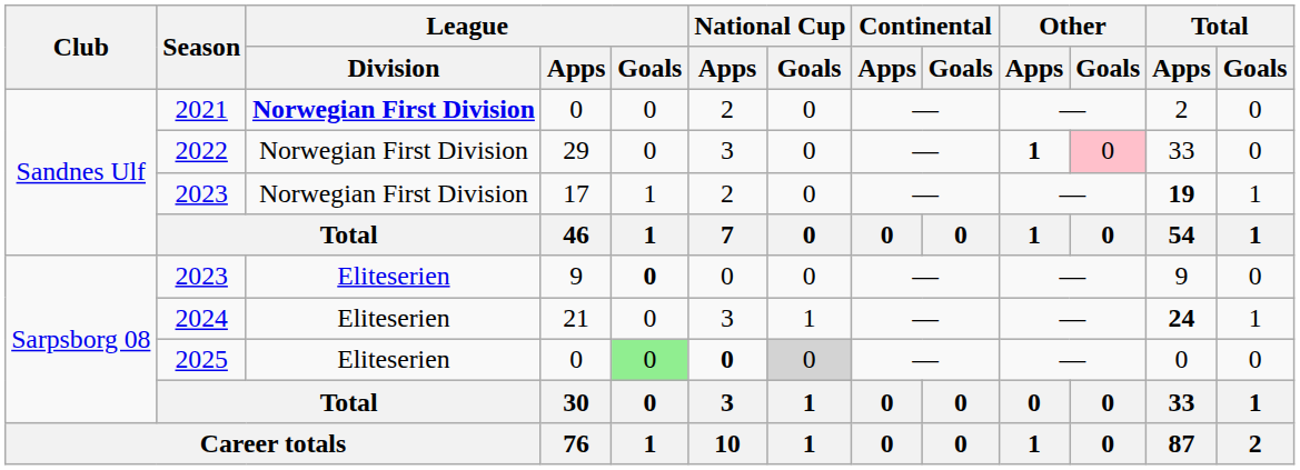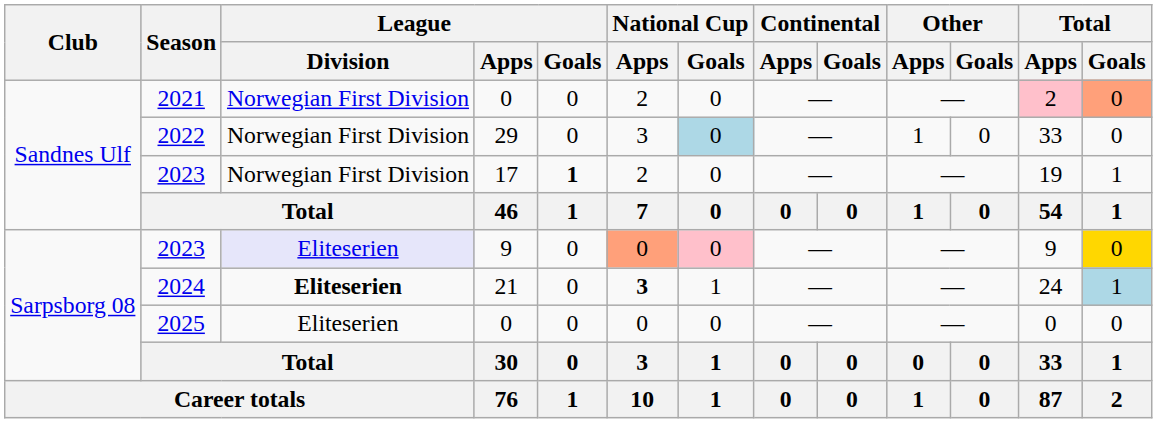 <table class="wikitable" style="text-align:center">
 <tr>
 <th rowspan="2">Club</th>
 <th rowspan="2">Season</th>
 <th colspan="3">League</th>
 <th colspan="2">National Cup</th>
 <th colspan="2">Continental</th>
 <th colspan="2">Other</th>
 <th colspan="2">Total</th>
 </tr>
 <tr>
 <th>Division</th>
 <th>Apps</th>
 <th>Goals</th>
 <th>Apps</th>
 <th>Goals</th>
 <th>Apps</th>
 <th>Goals</th>
 <th>Apps</th>
 <th>Goals</th>
 <th>Apps</th>
 <th>Goals</th>
 </tr>
 <tr>
 <td rowspan="4"><a href='#'>Sandnes Ulf</a></td>
 <td><a href='#'>2021</a></td>
-<td><strong><a href='#'>Norwegian First Division</a></strong></td>
+<td><a href='#'>Norwegian First Division</a></td>
 <td>0</td>
 <td>0</td>
 <td>2</td>
 <td>0</td>
 <td colspan="2">—</td>
 <td colspan="2">—</td>
-<td>2</td>
-<td>0</td>
+<td style="background: pink;">2</td>
+<td style="background: lightsalmon;">0</td>
 </tr>
 <tr>
 <td><a href='#'>2022</a></td>
 <td>Norwegian First Division</td>
 <td>29</td>
 <td>0</td>
 <td>3</td>
+<td style="background: lightblue;">0</td>
+<td colspan="2">—</td>
+<td>1</td>
 <td>0</td>
-<td colspan="2">—</td>
-<td><strong>1</strong></td>
-<td style="background: pink;">0</td>
 <td>33</td>
 <td>0</td>
 </tr>
 <tr>
 <td><a href='#'>2023</a></td>
 <td>Norwegian First Division</td>
 <td>17</td>
-<td>1</td>
+<td><strong>1</strong></td>
 <td>2</td>
 <td>0</td>
 <td colspan="2">—</td>
 <td colspan="2">—</td>
-<td><strong>19</strong></td>
+<td>19</td>
 <td>1</td>
 </tr>
 <tr>
 <th colspan="2">Total</th>
 <th>46</th>
 <th>1</th>
 <th>7</th>
 <th>0</th>
 <th>0</th>
 <th>0</th>
 <th>1</th>
 <th>0</th>
 <th>54</th>
 <th>1</th>
 </tr>
 <tr>
 <td rowspan="4"><a href='#'>Sarpsborg 08</a></td>
 <td><a href='#'>2023</a></td>
-<td><a href='#'>Eliteserien</a></td>
+<td style="background: lavender;"><a href='#'>Eliteserien</a></td>
 <td>9</td>
-<td><strong>0</strong></td>
 <td>0</td>
-<td>0</td>
+<td style="background: lightsalmon;">0</td>
+<td style="background: pink;">0</td>
 <td colspan="2">—</td>
 <td colspan="2">—</td>
 <td>9</td>
-<td>0</td>
+<td style="background: gold;">0</td>
 </tr>
 <tr>
 <td><a href='#'>2024</a></td>
-<td>Eliteserien</td>
+<td><strong>Eliteserien</strong></td>
 <td>21</td>
 <td>0</td>
-<td>3</td>
+<td><strong>3</strong></td>
 <td>1</td>
 <td colspan="2">—</td>
 <td colspan="2">—</td>
-<td><strong>24</strong></td>
-<td>1</td>
+<td>24</td>
+<td style="background: lightblue;">1</td>
 </tr>
 <tr>
 <td><a href='#'>2025</a></td>
 <td>Eliteserien</td>
 <td>0</td>
-<td style="background: lightgreen;">0</td>
-<td><strong>0</strong></td>
-<td style="background: lightgrey;">0</td>
+<td>0</td>
+<td>0</td>
+<td>0</td>
 <td colspan="2">—</td>
 <td colspan="2">—</td>
 <td>0</td>
 <td>0</td>
 </tr>
 <tr>
 <th colspan="2">Total</th>
 <th>30</th>
 <th>0</th>
 <th>3</th>
 <th>1</th>
 <th>0</th>
 <th>0</th>
 <th>0</th>
 <th>0</th>
 <th>33</th>
 <th>1</th>
 </tr>
 <tr>
 <th colspan="3">Career totals</th>
 <th>76</th>
 <th>1</th>
 <th>10</th>
 <th>1</th>
 <th>0</th>
 <th>0</th>
 <th>1</th>
 <th>0</th>
 <th>87</th>
 <th>2</th>
 </tr>
 </table>
